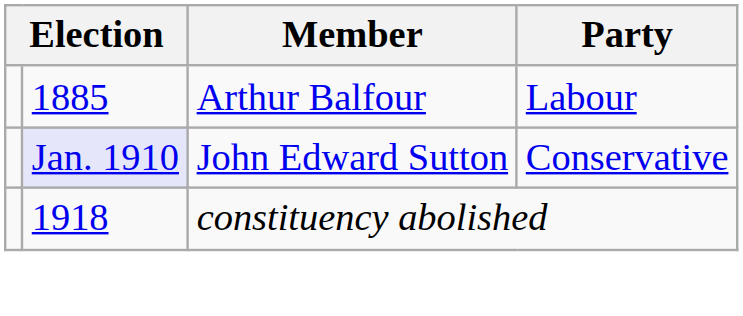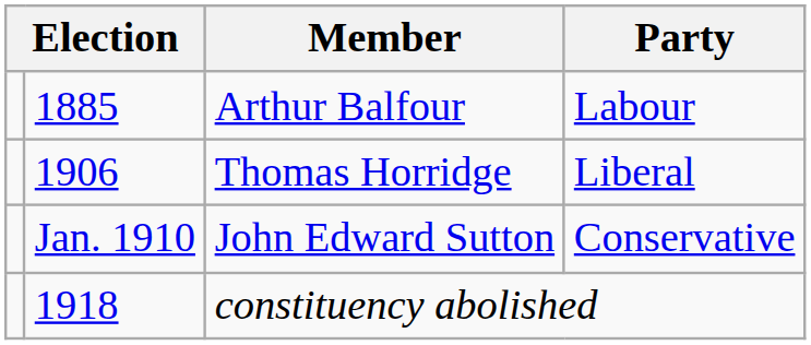 <table class="wikitable">
 <tr>
 <th colspan="2">Election</th>
 <th>Member </th>
 <th>Party</th>
 </tr>
 <tr>
 <td style="color:inherit;background-color: "></td>
 <td><a href='#'>1885</a></td>
 <td><a href='#'>Arthur Balfour</a></td>
 <td><a href='#'>Labour</a></td>
 </tr>
 <tr>
 <td style="color:inherit;background-color: "></td>
-<td style="background: lavender;"><a href='#'>Jan. 1910</a></td>
+<td><a href='#'>1906</a></td>
+<td><a href='#'>Thomas Horridge</a></td>
+<td><a href='#'>Liberal</a></td>
+</tr>
+<tr>
+<td style="color:inherit;background-color: "></td>
+<td><a href='#'>Jan. 1910</a></td>
 <td><a href='#'>John Edward Sutton</a></td>
 <td><a href='#'>Conservative</a></td>
 </tr>
 <tr>
 <td></td>
 <td><a href='#'>1918</a></td>
 <td colspan="2"><em>constituency abolished</em></td>
 </tr>
 </table>
